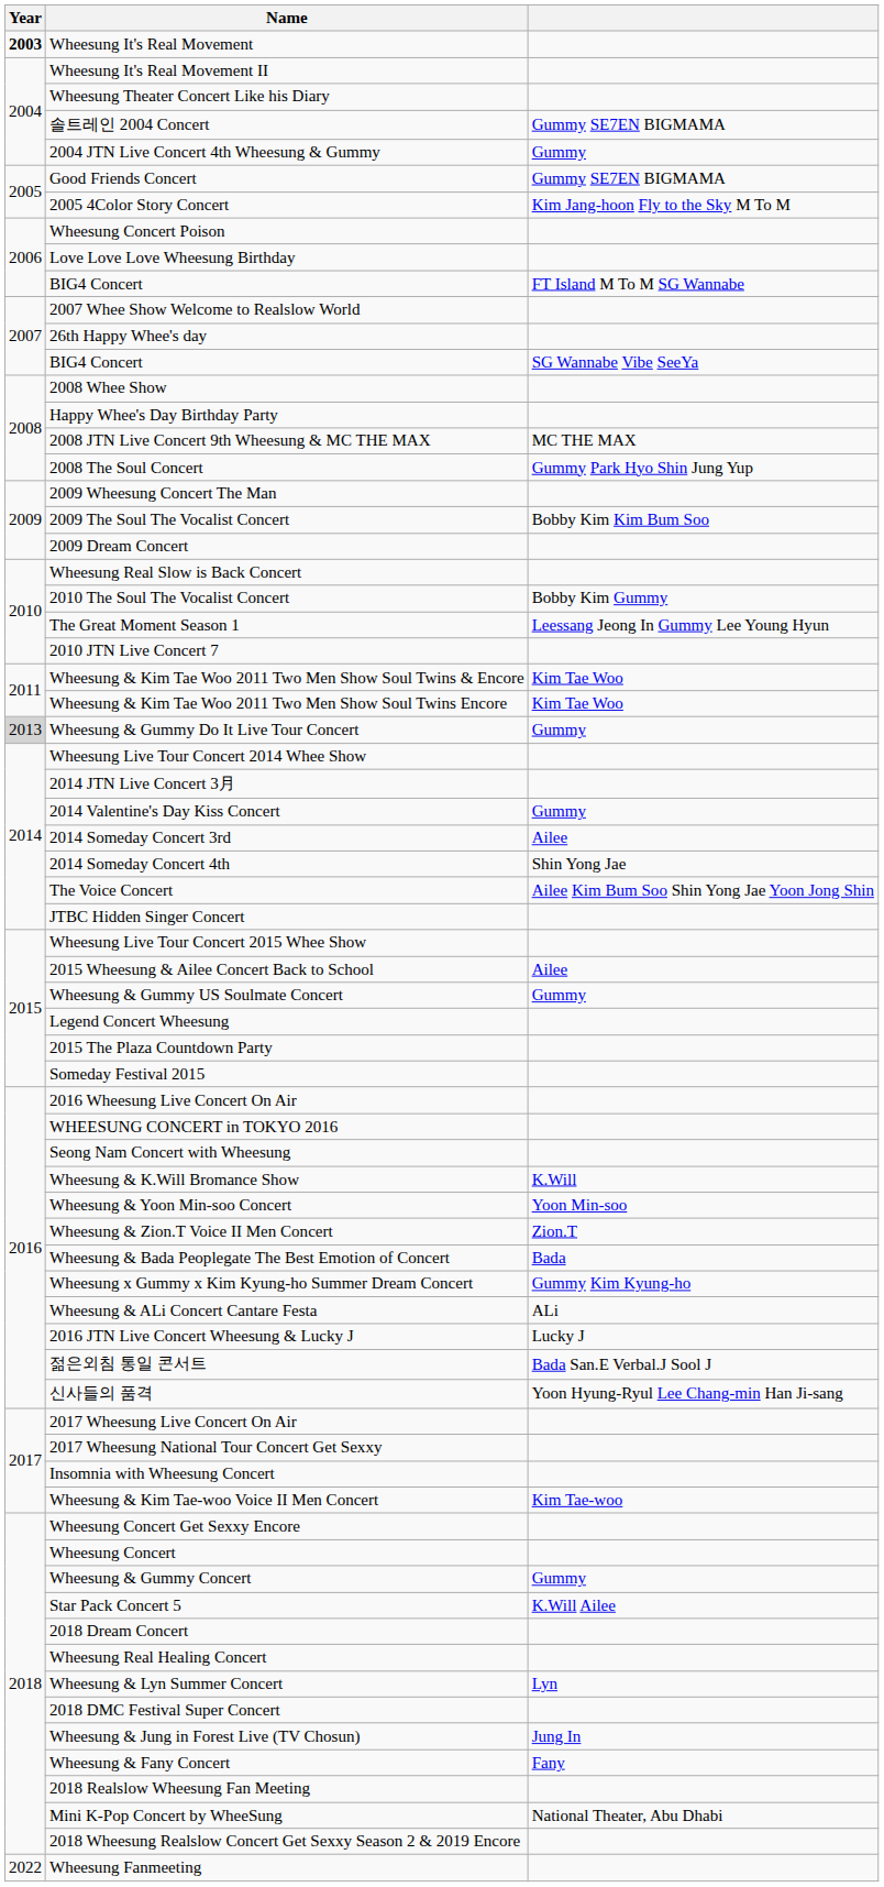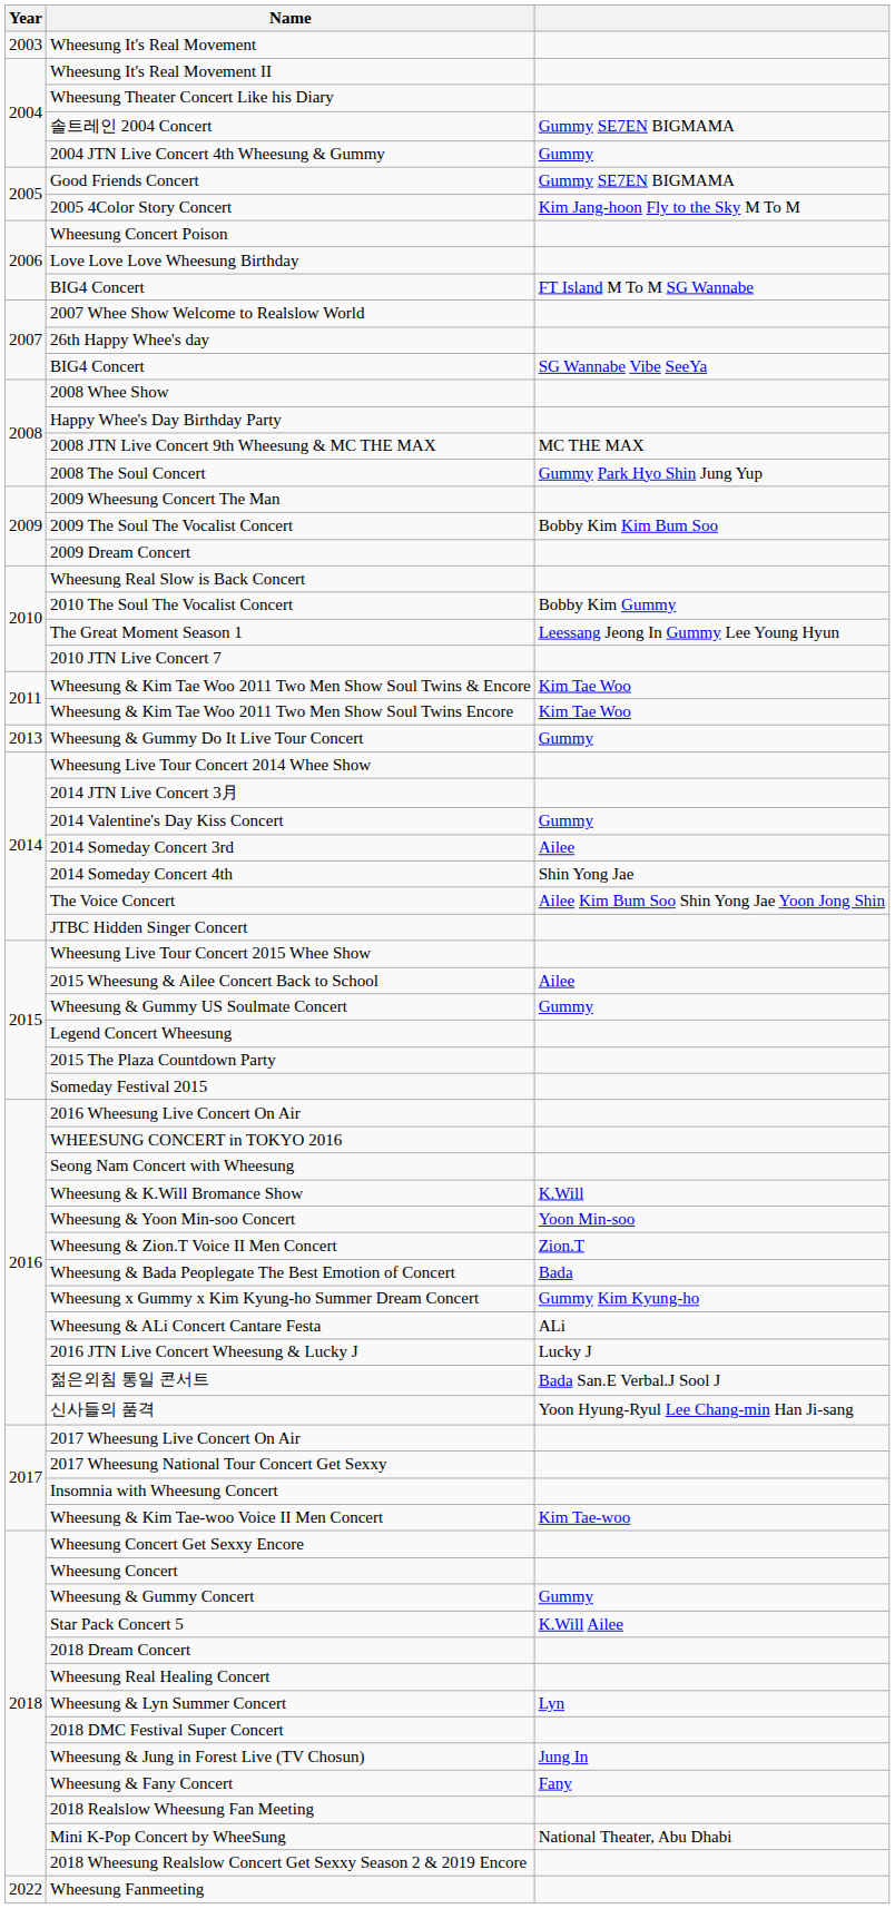 <table class="wikitable">
 <tr style=>
 <th>Year</th>
 <th>Name</th>
 <th></th>
 </tr>
 <tr>
-<td><strong>2003</strong></td>
+<td>2003</td>
 <td>Wheesung It's Real Movement</td>
 <td></td>
 </tr>
 <tr>
 <td rowspan=4>2004</td>
 <td>Wheesung It's Real Movement II</td>
 <td></td>
 </tr>
 <tr>
 <td>Wheesung Theater Concert Like his Diary</td>
 <td></td>
 </tr>
 <tr>
 <td>솔트레인 2004 Concert</td>
 <td><a href='#'>Gummy</a> <a href='#'>SE7EN</a> BIGMAMA</td>
 </tr>
 <tr>
 <td>2004 JTN Live Concert 4th Wheesung & Gummy</td>
 <td><a href='#'>Gummy</a></td>
 </tr>
 <tr>
 <td rowspan=2>2005</td>
 <td>Good Friends Concert</td>
 <td><a href='#'>Gummy</a> <a href='#'>SE7EN</a> BIGMAMA</td>
 </tr>
 <tr>
 <td>2005 4Color Story Concert</td>
 <td><a href='#'>Kim Jang-hoon</a> <a href='#'>Fly to the Sky</a> M To M</td>
 </tr>
 <tr>
 <td rowspan=3>2006</td>
 <td>Wheesung Concert Poison</td>
 <td></td>
 </tr>
 <tr>
 <td>Love Love Love Wheesung Birthday</td>
 <td></td>
 </tr>
 <tr>
 <td>BIG4 Concert</td>
 <td><a href='#'>FT Island</a> M To M <a href='#'>SG Wannabe</a></td>
 </tr>
 <tr>
 <td rowspan=3>2007</td>
 <td>2007 Whee Show Welcome to Realslow World</td>
 <td></td>
 </tr>
 <tr>
 <td>26th Happy Whee's day</td>
 <td></td>
 </tr>
 <tr>
 <td>BIG4 Concert</td>
 <td><a href='#'>SG Wannabe</a> <a href='#'>Vibe</a> <a href='#'>SeeYa</a></td>
 </tr>
 <tr>
 <td rowspan=4>2008</td>
 <td>2008 Whee Show</td>
 <td></td>
 </tr>
 <tr>
 <td>Happy Whee's Day Birthday Party</td>
 <td></td>
 </tr>
 <tr>
 <td>2008 JTN Live Concert 9th Wheesung & MC THE MAX</td>
 <td>MC THE MAX</td>
 </tr>
 <tr>
 <td>2008 The Soul Concert</td>
 <td><a href='#'>Gummy</a> <a href='#'>Park Hyo Shin</a> Jung Yup</td>
 </tr>
 <tr>
 <td rowspan=3>2009</td>
 <td>2009 Wheesung Concert The Man</td>
 <td></td>
 </tr>
 <tr>
 <td>2009 The Soul The Vocalist Concert</td>
 <td>Bobby Kim <a href='#'>Kim Bum Soo</a></td>
 </tr>
 <tr>
 <td>2009 Dream Concert</td>
 <td></td>
 </tr>
 <tr>
 <td rowspan=4>2010</td>
 <td>Wheesung Real Slow is Back Concert</td>
 <td></td>
 </tr>
 <tr>
 <td>2010 The Soul The Vocalist Concert</td>
 <td>Bobby Kim <a href='#'>Gummy</a></td>
 </tr>
 <tr>
 <td>The Great Moment Season 1</td>
 <td><a href='#'>Leessang</a> Jeong In <a href='#'>Gummy</a> Lee Young Hyun</td>
 </tr>
 <tr>
 <td>2010 JTN Live Concert 7</td>
 <td></td>
 </tr>
 <tr>
 <td rowspan=2>2011</td>
 <td>Wheesung & Kim Tae Woo 2011 Two Men Show Soul Twins & Encore</td>
 <td><a href='#'>Kim Tae Woo</a></td>
 </tr>
 <tr>
 <td>Wheesung & Kim Tae Woo 2011 Two Men Show Soul Twins Encore</td>
 <td><a href='#'>Kim Tae Woo</a></td>
 </tr>
 <tr>
-<td style="background: lightgrey;">2013</td>
+<td>2013</td>
 <td>Wheesung & Gummy Do It Live Tour Concert</td>
 <td><a href='#'>Gummy</a></td>
 </tr>
 <tr>
 <td rowspan=7>2014</td>
 <td>Wheesung Live Tour Concert 2014 Whee Show</td>
 <td></td>
 </tr>
 <tr>
 <td>2014 JTN Live Concert 3月</td>
 <td></td>
 </tr>
 <tr>
 <td>2014 Valentine's Day Kiss Concert</td>
 <td><a href='#'>Gummy</a></td>
 </tr>
 <tr>
 <td>2014 Someday Concert 3rd</td>
 <td><a href='#'>Ailee</a></td>
 </tr>
 <tr>
 <td>2014 Someday Concert 4th</td>
 <td>Shin Yong Jae</td>
 </tr>
 <tr>
 <td>The Voice Concert</td>
 <td><a href='#'>Ailee</a> <a href='#'>Kim Bum Soo</a> Shin Yong Jae <a href='#'>Yoon Jong Shin</a></td>
 </tr>
 <tr>
 <td>JTBC Hidden Singer Concert</td>
 <td></td>
 </tr>
 <tr>
 <td rowspan=6>2015</td>
 <td>Wheesung Live Tour Concert 2015 Whee Show</td>
 <td></td>
 </tr>
 <tr>
 <td>2015 Wheesung & Ailee Concert Back to School</td>
 <td><a href='#'>Ailee</a></td>
 </tr>
 <tr>
 <td>Wheesung & Gummy US Soulmate Concert</td>
 <td><a href='#'>Gummy</a></td>
 </tr>
 <tr>
 <td>Legend Concert Wheesung</td>
 <td></td>
 </tr>
 <tr>
 <td>2015 The Plaza Countdown Party</td>
 <td></td>
 </tr>
 <tr>
 <td>Someday Festival 2015</td>
 <td></td>
 </tr>
 <tr>
 <td rowspan=12>2016</td>
 <td>2016 Wheesung Live Concert On Air</td>
 <td></td>
 </tr>
 <tr>
 <td>WHEESUNG CONCERT in TOKYO 2016</td>
 <td></td>
 </tr>
 <tr>
 <td>Seong Nam Concert with Wheesung</td>
 <td></td>
 </tr>
 <tr>
 <td>Wheesung & K.Will Bromance Show</td>
 <td><a href='#'>K.Will</a></td>
 </tr>
 <tr>
 <td>Wheesung & Yoon Min-soo Concert</td>
 <td><a href='#'>Yoon Min-soo</a></td>
 </tr>
 <tr>
 <td>Wheesung & Zion.T Voice II Men Concert</td>
 <td><a href='#'>Zion.T</a></td>
 </tr>
 <tr>
 <td>Wheesung & Bada Peoplegate The Best Emotion of Concert</td>
 <td><a href='#'>Bada</a></td>
 </tr>
 <tr>
 <td>Wheesung x Gummy x Kim Kyung-ho Summer Dream Concert</td>
 <td><a href='#'>Gummy</a> <a href='#'>Kim Kyung-ho</a></td>
 </tr>
 <tr>
 <td>Wheesung & ALi Concert Cantare Festa</td>
 <td>ALi</td>
 </tr>
 <tr>
 <td>2016 JTN Live Concert Wheesung & Lucky J</td>
 <td>Lucky J</td>
 </tr>
 <tr>
 <td>젊은외침 통일 콘서트</td>
 <td><a href='#'>Bada</a> San.E Verbal.J Sool J</td>
 </tr>
 <tr>
 <td>신사들의 품격</td>
 <td>Yoon Hyung-Ryul <a href='#'>Lee Chang-min</a> Han Ji-sang</td>
 </tr>
 <tr>
 <td rowspan=4>2017</td>
 <td>2017 Wheesung Live Concert On Air</td>
 <td></td>
 </tr>
 <tr>
 <td>2017 Wheesung National Tour Concert Get Sexxy</td>
 <td></td>
 </tr>
 <tr>
 <td>Insomnia with Wheesung Concert</td>
 <td></td>
 </tr>
 <tr>
 <td>Wheesung & Kim Tae-woo Voice II Men Concert</td>
 <td><a href='#'>Kim Tae-woo</a></td>
 </tr>
 <tr>
 <td rowspan=13>2018</td>
 <td>Wheesung Concert Get Sexxy Encore</td>
 <td></td>
 </tr>
 <tr>
 <td>Wheesung Concert</td>
 <td></td>
 </tr>
 <tr>
 <td>Wheesung & Gummy Concert</td>
 <td><a href='#'>Gummy</a></td>
 </tr>
 <tr>
 <td>Star Pack Concert 5</td>
 <td><a href='#'>K.Will</a> <a href='#'>Ailee</a></td>
 </tr>
 <tr>
 <td>2018 Dream Concert</td>
 <td></td>
 </tr>
 <tr>
 <td>Wheesung Real Healing Concert</td>
 <td></td>
 </tr>
 <tr>
 <td>Wheesung & Lyn Summer Concert</td>
 <td><a href='#'>Lyn</a></td>
 </tr>
 <tr>
 <td>2018 DMC Festival Super Concert</td>
 <td></td>
 </tr>
 <tr>
 <td>Wheesung & Jung in Forest Live (TV Chosun)</td>
 <td><a href='#'>Jung In</a></td>
 </tr>
 <tr>
 <td>Wheesung & Fany Concert</td>
 <td><a href='#'>Fany</a></td>
 </tr>
 <tr>
 <td>2018 Realslow Wheesung Fan Meeting</td>
 <td></td>
 </tr>
 <tr>
 <td>Mini K-Pop Concert by WheeSung</td>
 <td>National Theater, Abu Dhabi</td>
 </tr>
 <tr>
 <td>2018 Wheesung Realslow Concert Get Sexxy Season 2 & 2019 Encore</td>
 <td></td>
 </tr>
 <tr>
 <td>2022</td>
 <td>Wheesung Fanmeeting</td>
 <td></td>
 </tr>
 </table>
